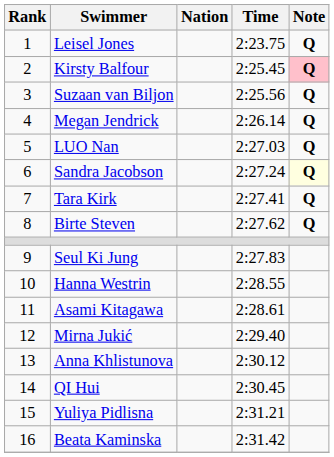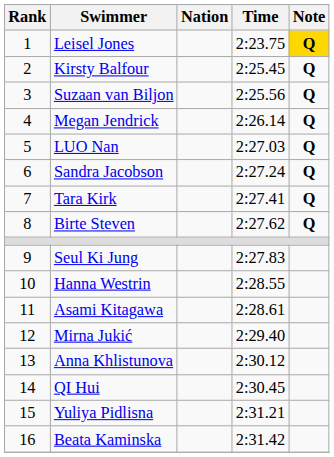 <table class="wikitable" style="text-align:center">
 <tr>
 <th>Rank</th>
 <th>Swimmer</th>
 <th>Nation</th>
 <th>Time</th>
 <th>Note</th>
 </tr>
 <tr>
 <td>1</td>
 <td align=left><a href='#'>Leisel Jones</a></td>
 <td align=left></td>
 <td>2:23.75</td>
-<td><strong>Q</strong></td>
+<td style="background: gold;"><strong>Q</strong></td>
 </tr>
 <tr>
 <td>2</td>
 <td align=left><a href='#'>Kirsty Balfour</a></td>
 <td align=left></td>
 <td>2:25.45</td>
-<td style="background: pink;"><strong>Q</strong></td>
+<td><strong>Q</strong></td>
 </tr>
 <tr>
 <td>3</td>
 <td align=left><a href='#'>Suzaan van Biljon</a></td>
 <td align=left></td>
 <td>2:25.56</td>
 <td><strong>Q</strong></td>
 </tr>
 <tr>
 <td>4</td>
 <td align=left><a href='#'>Megan Jendrick</a></td>
 <td align=left></td>
 <td>2:26.14</td>
 <td><strong>Q</strong></td>
 </tr>
 <tr>
 <td>5</td>
 <td align=left><a href='#'>LUO Nan</a></td>
 <td align=left></td>
 <td>2:27.03</td>
 <td><strong>Q</strong></td>
 </tr>
 <tr>
 <td>6</td>
 <td align=left><a href='#'>Sandra Jacobson</a></td>
 <td align=left></td>
 <td>2:27.24</td>
-<td style="background: lightyellow;"><strong>Q</strong></td>
+<td><strong>Q</strong></td>
 </tr>
 <tr>
 <td>7</td>
 <td align=left><a href='#'>Tara Kirk</a></td>
 <td align=left></td>
 <td>2:27.41</td>
 <td><strong>Q</strong></td>
 </tr>
 <tr>
 <td>8</td>
 <td align=left><a href='#'>Birte Steven</a></td>
 <td align=left></td>
 <td>2:27.62</td>
 <td><strong>Q</strong></td>
 </tr>
 <tr bgcolor=#DDDDDD>
 <td colspan=5></td>
 </tr>
 <tr>
 <td>9</td>
 <td align=left><a href='#'>Seul Ki Jung</a></td>
 <td align=left></td>
 <td>2:27.83</td>
 <td></td>
 </tr>
 <tr>
 <td>10</td>
 <td align=left><a href='#'>Hanna Westrin</a></td>
 <td align=left></td>
 <td>2:28.55</td>
 <td></td>
 </tr>
 <tr>
 <td>11</td>
 <td align=left><a href='#'>Asami Kitagawa</a></td>
 <td align=left></td>
 <td>2:28.61</td>
 <td></td>
 </tr>
 <tr>
 <td>12</td>
 <td align=left><a href='#'>Mirna Jukić</a></td>
 <td align=left></td>
 <td>2:29.40</td>
 <td></td>
 </tr>
 <tr>
 <td>13</td>
 <td align=left><a href='#'>Anna Khlistunova</a></td>
 <td align=left></td>
 <td>2:30.12</td>
 <td></td>
 </tr>
 <tr>
 <td>14</td>
 <td align=left><a href='#'>QI Hui</a></td>
 <td align=left></td>
 <td>2:30.45</td>
 <td></td>
 </tr>
 <tr>
 <td>15</td>
 <td align=left><a href='#'>Yuliya Pidlisna</a></td>
 <td align=left></td>
 <td>2:31.21</td>
 <td></td>
 </tr>
 <tr>
 <td>16</td>
 <td align=left><a href='#'>Beata Kaminska</a></td>
 <td align=left></td>
 <td>2:31.42</td>
 <td></td>
 </tr>
 <tr>
 </tr>
 </table>
